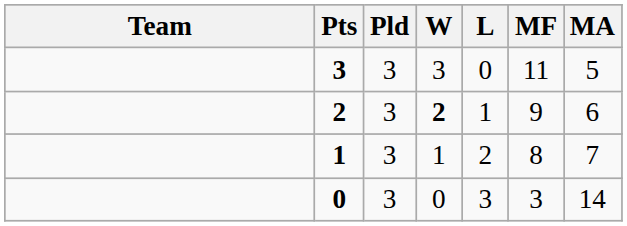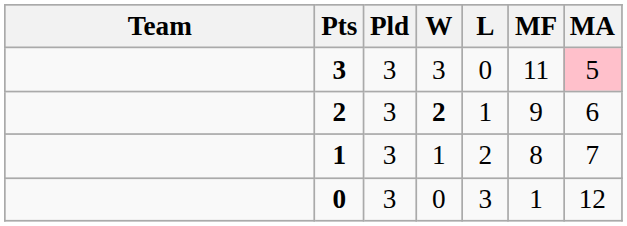 <table class=wikitable style="text-align:center">
 <tr>
 <th width=175>Team</th>
 <th width=20>Pts</th>
 <th width=20>Pld</th>
 <th width=20>W</th>
 <th width=20>L</th>
 <th width=20>MF</th>
 <th width=20>MA</th>
 </tr>
 <tr>
 <td style="text-align:left"></td>
 <td><strong>3</strong></td>
 <td>3</td>
 <td>3</td>
 <td>0</td>
 <td>11</td>
-<td>5</td>
+<td style="background: pink;">5</td>
 </tr>
 <tr>
 <td style="text-align:left"></td>
 <td><strong>2</strong></td>
 <td>3</td>
 <td><strong>2</strong></td>
 <td>1</td>
 <td>9</td>
 <td>6</td>
 </tr>
 <tr>
 <td style="text-align:left"></td>
 <td><strong>1</strong></td>
 <td>3</td>
 <td>1</td>
 <td>2</td>
 <td>8</td>
 <td>7</td>
 </tr>
 <tr>
 <td style="text-align:left"></td>
 <td><strong>0</strong></td>
 <td>3</td>
 <td>0</td>
 <td>3</td>
-<td>3</td>
-<td>14</td>
+<td>1</td>
+<td>12</td>
 </tr>
 </table>
